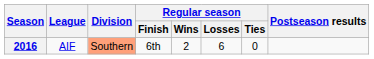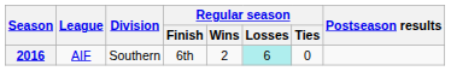 <table class="wikitable" style="text-align:center; font-size: 95%;">
 <tr>
 <th rowspan="2"><a href='#'>Season</a></th>
 <th rowspan="2"><a href='#'>League</a></th>
 <th rowspan="2"><a href='#'>Division</a></th>
 <th colspan="4"><a href='#'>Regular season</a></th>
 <th rowspan="2"><a href='#'>Postseason</a> results</th>
 </tr>
 <tr>
 <th>Finish</th>
 <th>Wins</th>
 <th>Losses</th>
 <th>Ties</th>
 </tr>
 <tr>
 <th><a href='#'>2016</a></th>
 <td><a href='#'>AIF</a></td>
-<td style="background: lightsalmon;">Southern</td>
+<td>Southern</td>
 <td>6th</td>
 <td>2</td>
-<td>6</td>
+<td style="background: paleturquoise;">6</td>
 <td>0</td>
 <td></td>
 </tr>
 </table>
